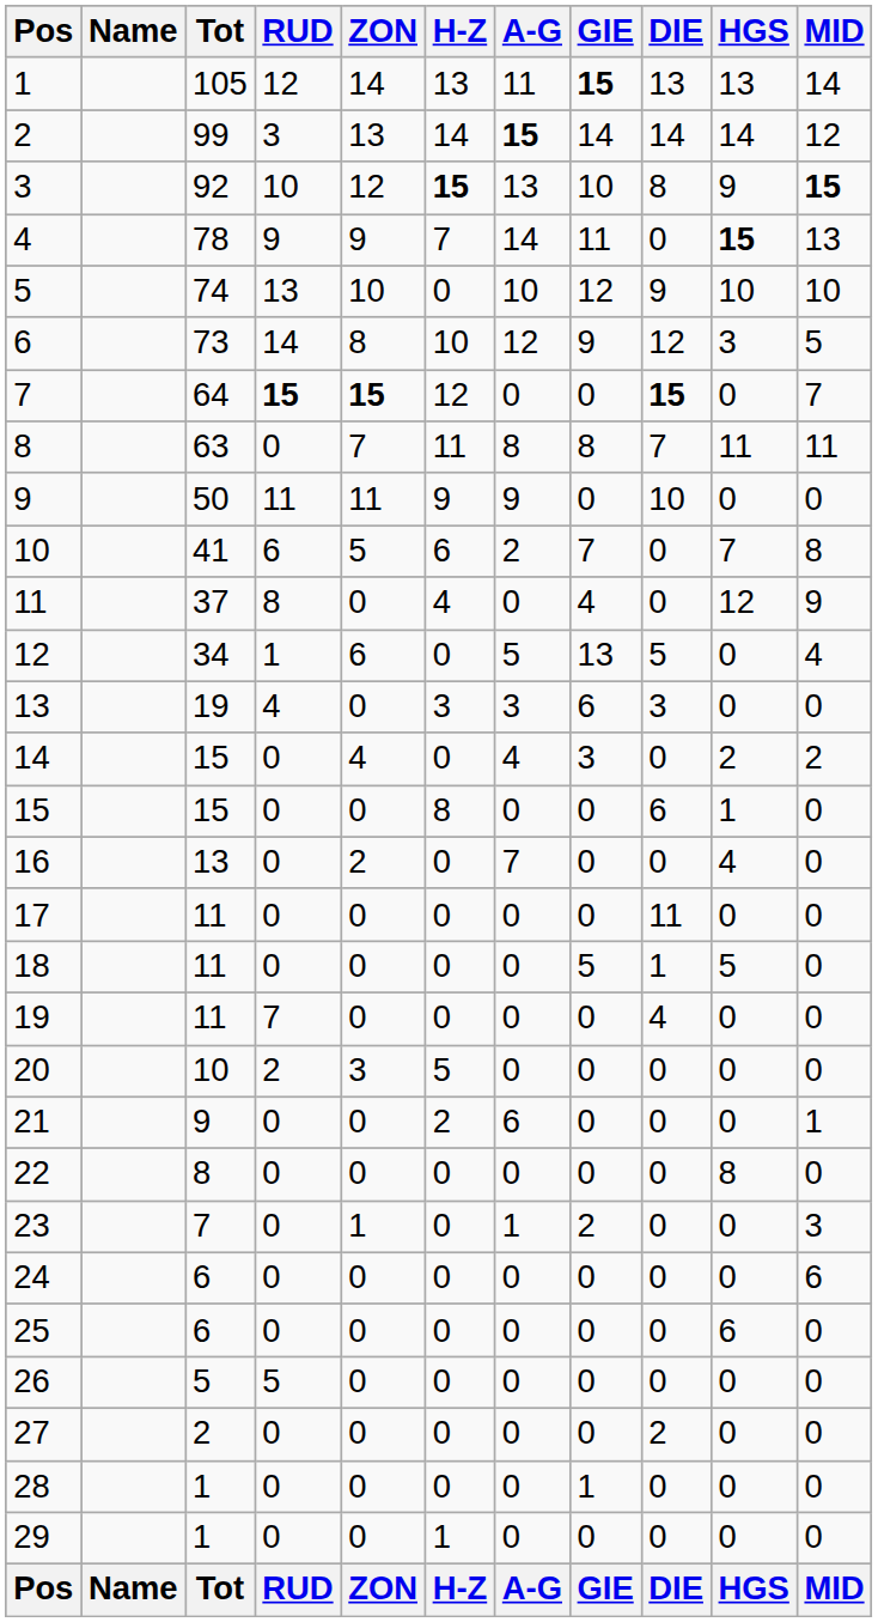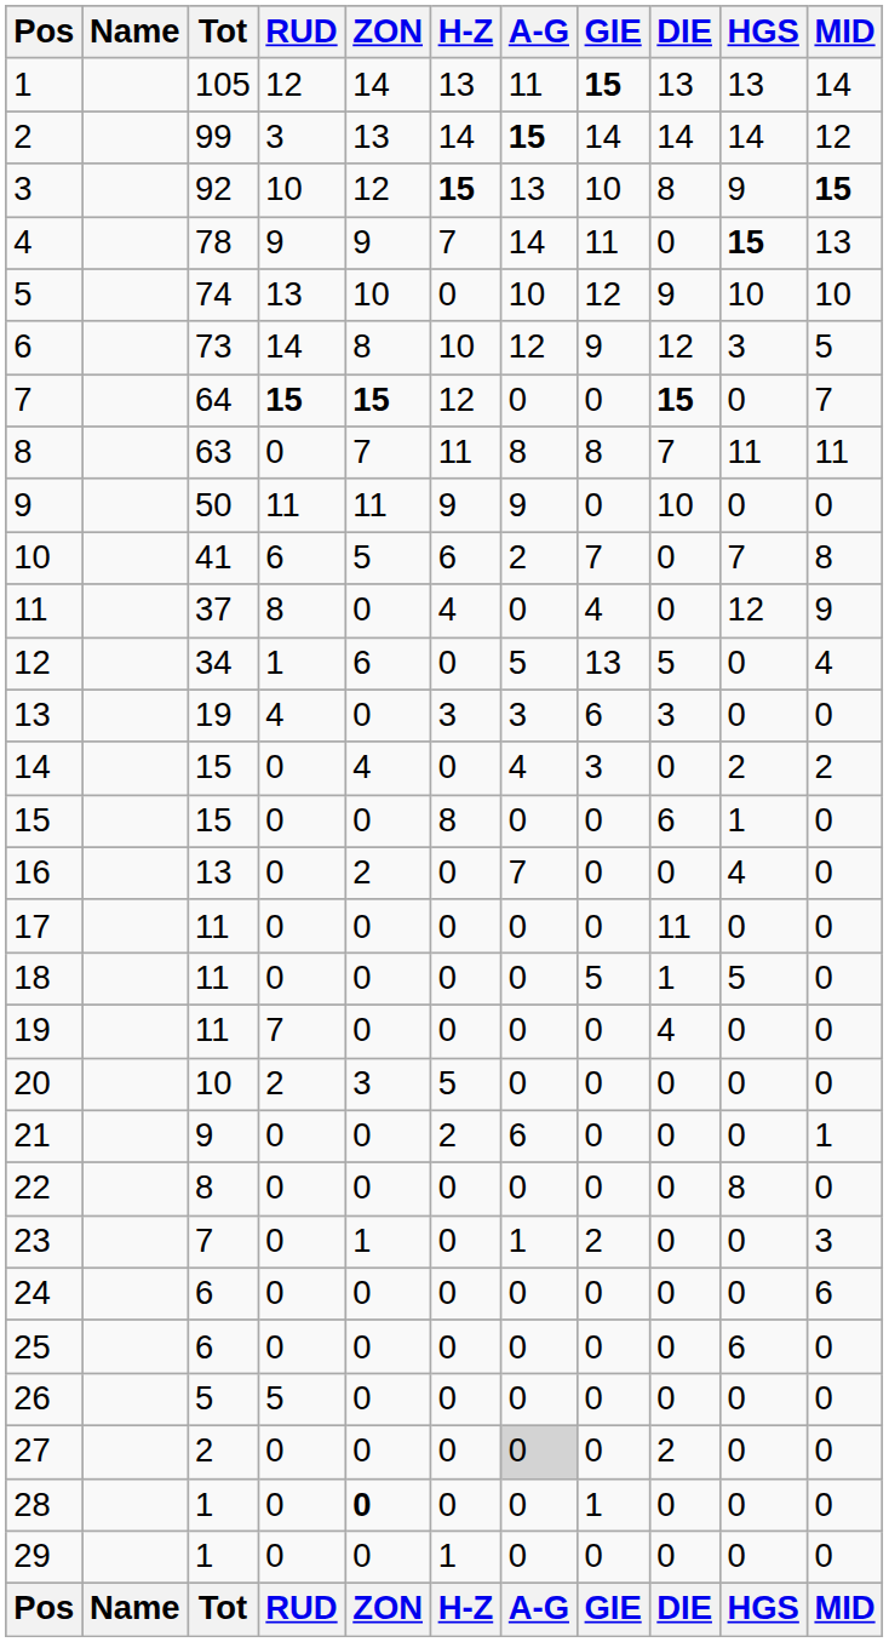 <table class="wikitable sortable">
 <tr>
 <th>Pos</th>
 <th>Name</th>
 <th>Tot</th>
 <th><a href='#'>RUD</a></th>
 <th><a href='#'>ZON</a></th>
 <th><a href='#'>H-Z</a></th>
 <th><a href='#'>A-G</a></th>
 <th><a href='#'>GIE</a></th>
 <th><a href='#'>DIE</a></th>
 <th><a href='#'>HGS</a></th>
 <th><a href='#'>MID</a></th>
 </tr>
 <tr>
 <td>1</td>
 <td></td>
 <td>105</td>
 <td>12</td>
 <td>14</td>
 <td>13</td>
 <td>11</td>
 <td><strong>15</strong></td>
 <td>13</td>
 <td>13</td>
 <td>14</td>
 </tr>
 <tr>
 <td>2</td>
 <td></td>
 <td>99</td>
 <td>3</td>
 <td>13</td>
 <td>14</td>
 <td><strong>15</strong></td>
 <td>14</td>
 <td>14</td>
 <td>14</td>
 <td>12</td>
 </tr>
 <tr>
 <td>3</td>
 <td></td>
 <td>92</td>
 <td>10</td>
 <td>12</td>
 <td><strong>15</strong></td>
 <td>13</td>
 <td>10</td>
 <td>8</td>
 <td>9</td>
 <td><strong>15</strong></td>
 </tr>
 <tr>
 <td>4</td>
 <td></td>
 <td>78</td>
 <td>9</td>
 <td>9</td>
 <td>7</td>
 <td>14</td>
 <td>11</td>
 <td>0</td>
 <td><strong>15</strong></td>
 <td>13</td>
 </tr>
 <tr>
 <td>5</td>
 <td></td>
 <td>74</td>
 <td>13</td>
 <td>10</td>
 <td>0</td>
 <td>10</td>
 <td>12</td>
 <td>9</td>
 <td>10</td>
 <td>10</td>
 </tr>
 <tr>
 <td>6</td>
 <td></td>
 <td>73</td>
 <td>14</td>
 <td>8</td>
 <td>10</td>
 <td>12</td>
 <td>9</td>
 <td>12</td>
 <td>3</td>
 <td>5</td>
 </tr>
 <tr>
 <td>7</td>
 <td></td>
 <td>64</td>
 <td><strong>15</strong></td>
 <td><strong>15</strong></td>
 <td>12</td>
 <td>0</td>
 <td>0</td>
 <td><strong>15</strong></td>
 <td>0</td>
 <td>7</td>
 </tr>
 <tr>
 <td>8</td>
 <td></td>
 <td>63</td>
 <td>0</td>
 <td>7</td>
 <td>11</td>
 <td>8</td>
 <td>8</td>
 <td>7</td>
 <td>11</td>
 <td>11</td>
 </tr>
 <tr>
 <td>9</td>
 <td></td>
 <td>50</td>
 <td>11</td>
 <td>11</td>
 <td>9</td>
 <td>9</td>
 <td>0</td>
 <td>10</td>
 <td>0</td>
 <td>0</td>
 </tr>
 <tr>
 <td>10</td>
 <td></td>
 <td>41</td>
 <td>6</td>
 <td>5</td>
 <td>6</td>
 <td>2</td>
 <td>7</td>
 <td>0</td>
 <td>7</td>
 <td>8</td>
 </tr>
 <tr>
 <td>11</td>
 <td></td>
 <td>37</td>
 <td>8</td>
 <td>0</td>
 <td>4</td>
 <td>0</td>
 <td>4</td>
 <td>0</td>
 <td>12</td>
 <td>9</td>
 </tr>
 <tr>
 <td>12</td>
 <td></td>
 <td>34</td>
 <td>1</td>
 <td>6</td>
 <td>0</td>
 <td>5</td>
 <td>13</td>
 <td>5</td>
 <td>0</td>
 <td>4</td>
 </tr>
 <tr>
 <td>13</td>
 <td></td>
 <td>19</td>
 <td>4</td>
 <td>0</td>
 <td>3</td>
 <td>3</td>
 <td>6</td>
 <td>3</td>
 <td>0</td>
 <td>0</td>
 </tr>
 <tr>
 <td>14</td>
 <td></td>
 <td>15</td>
 <td>0</td>
 <td>4</td>
 <td>0</td>
 <td>4</td>
 <td>3</td>
 <td>0</td>
 <td>2</td>
 <td>2</td>
 </tr>
 <tr>
 <td>15</td>
 <td></td>
 <td>15</td>
 <td>0</td>
 <td>0</td>
 <td>8</td>
 <td>0</td>
 <td>0</td>
 <td>6</td>
 <td>1</td>
 <td>0</td>
 </tr>
 <tr>
 <td>16</td>
 <td></td>
 <td>13</td>
 <td>0</td>
 <td>2</td>
 <td>0</td>
 <td>7</td>
 <td>0</td>
 <td>0</td>
 <td>4</td>
 <td>0</td>
 </tr>
 <tr>
 <td>17</td>
 <td></td>
 <td>11</td>
 <td>0</td>
 <td>0</td>
 <td>0</td>
 <td>0</td>
 <td>0</td>
 <td>11</td>
 <td>0</td>
 <td>0</td>
 </tr>
 <tr>
 <td>18</td>
 <td></td>
 <td>11</td>
 <td>0</td>
 <td>0</td>
 <td>0</td>
 <td>0</td>
 <td>5</td>
 <td>1</td>
 <td>5</td>
 <td>0</td>
 </tr>
 <tr>
 <td>19</td>
 <td></td>
 <td>11</td>
 <td>7</td>
 <td>0</td>
 <td>0</td>
 <td>0</td>
 <td>0</td>
 <td>4</td>
 <td>0</td>
 <td>0</td>
 </tr>
 <tr>
 <td>20</td>
 <td></td>
 <td>10</td>
 <td>2</td>
 <td>3</td>
 <td>5</td>
 <td>0</td>
 <td>0</td>
 <td>0</td>
 <td>0</td>
 <td>0</td>
 </tr>
 <tr>
 <td>21</td>
 <td></td>
 <td>9</td>
 <td>0</td>
 <td>0</td>
 <td>2</td>
 <td>6</td>
 <td>0</td>
 <td>0</td>
 <td>0</td>
 <td>1</td>
 </tr>
 <tr>
 <td>22</td>
 <td></td>
 <td>8</td>
 <td>0</td>
 <td>0</td>
 <td>0</td>
 <td>0</td>
 <td>0</td>
 <td>0</td>
 <td>8</td>
 <td>0</td>
 </tr>
 <tr>
 <td>23</td>
 <td></td>
 <td>7</td>
 <td>0</td>
 <td>1</td>
 <td>0</td>
 <td>1</td>
 <td>2</td>
 <td>0</td>
 <td>0</td>
 <td>3</td>
 </tr>
 <tr>
 <td>24</td>
 <td></td>
 <td>6</td>
 <td>0</td>
 <td>0</td>
 <td>0</td>
 <td>0</td>
 <td>0</td>
 <td>0</td>
 <td>0</td>
 <td>6</td>
 </tr>
 <tr>
 <td>25</td>
 <td></td>
 <td>6</td>
 <td>0</td>
 <td>0</td>
 <td>0</td>
 <td>0</td>
 <td>0</td>
 <td>0</td>
 <td>6</td>
 <td>0</td>
 </tr>
 <tr>
 <td>26</td>
 <td></td>
 <td>5</td>
 <td>5</td>
 <td>0</td>
 <td>0</td>
 <td>0</td>
 <td>0</td>
 <td>0</td>
 <td>0</td>
 <td>0</td>
 </tr>
 <tr>
 <td>27</td>
 <td></td>
 <td>2</td>
 <td>0</td>
 <td>0</td>
 <td>0</td>
-<td>0</td>
+<td style="background: lightgrey;">0</td>
 <td>0</td>
 <td>2</td>
 <td>0</td>
 <td>0</td>
 </tr>
 <tr>
 <td>28</td>
 <td></td>
 <td>1</td>
 <td>0</td>
-<td>0</td>
+<td><strong>0</strong></td>
 <td>0</td>
 <td>0</td>
 <td>1</td>
 <td>0</td>
 <td>0</td>
 <td>0</td>
 </tr>
 <tr>
 <td>29</td>
 <td></td>
 <td>1</td>
 <td>0</td>
 <td>0</td>
 <td>1</td>
 <td>0</td>
 <td>0</td>
 <td>0</td>
 <td>0</td>
 <td>0</td>
 </tr>
 <tr class="sortbottom">
 <th>Pos</th>
 <th>Name</th>
 <th>Tot</th>
 <th><a href='#'>RUD</a></th>
 <th><a href='#'>ZON</a></th>
 <th><a href='#'>H-Z</a></th>
 <th><a href='#'>A-G</a></th>
 <th><a href='#'>GIE</a></th>
 <th><a href='#'>DIE</a></th>
 <th><a href='#'>HGS</a></th>
 <th><a href='#'>MID</a></th>
 </tr>
 <tr>
 </tr>
 </table>
